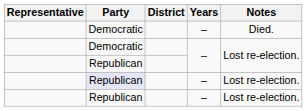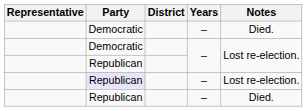 <table class="wikitable sortable" style="text-align:center">
 <tr valign=bottom>
 <th>Representative</th>
 <th>Party</th>
 <th>District</th>
 <th>Years</th>
 <th>Notes</th>
 </tr>
 <tr>
 <td align=left></td>
 <td>Democratic</td>
 <td></td>
 <td nowrap> –<br></td>
 <td>Died.</td>
 </tr>
 <tr>
 <td align=left></td>
 <td>Democratic</td>
 <td></td>
 <td rowspan="2" nowrap=""> –<br></td>
 <td rowspan="2">Lost re-election.</td>
 </tr>
 <tr>
 <td align=left></td>
 <td>Republican</td>
 <td></td>
 </tr>
 <tr>
 <td align=left></td>
 <td style="background: lavender;">Republican</td>
 <td></td>
 <td nowrap> –<br></td>
 <td>Lost re-election.</td>
 </tr>
 <tr>
 <td align=left></td>
 <td>Republican</td>
 <td></td>
 <td nowrap> –<br></td>
-<td>Lost re-election.</td>
+<td>Died.</td>
 </tr>
 </table>
